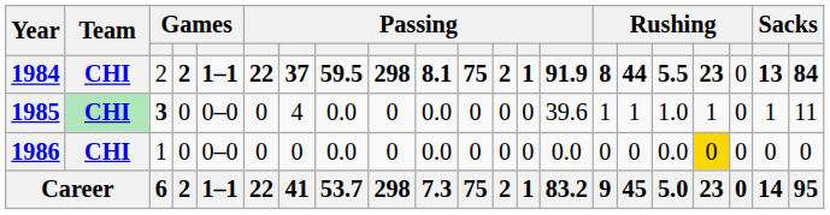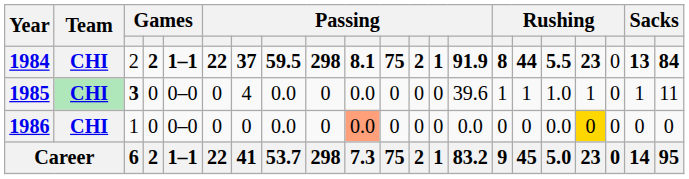 <table class="wikitable" style="text-align:center;">
 <tr>
 <th rowspan="2">Year</th>
 <th rowspan="2">Team</th>
 <th colspan="3">Games</th>
 <th colspan="9">Passing</th>
 <th colspan="5">Rushing</th>
 <th colspan="2">Sacks</th>
 </tr>
 <tr>
 <th></th>
 <th></th>
 <th></th>
 <th></th>
 <th></th>
 <th></th>
 <th></th>
 <th></th>
 <th></th>
 <th></th>
 <th></th>
 <th></th>
 <th></th>
 <th></th>
 <th></th>
 <th></th>
 <th></th>
 <th></th>
 <th></th>
 </tr>
 <tr>
 <th><a href='#'>1984</a></th>
 <th><a href='#'>CHI</a></th>
 <td>2</td>
 <td><strong>2</strong></td>
 <td><strong>1–1</strong></td>
 <td><strong>22</strong></td>
 <td><strong>37</strong></td>
 <td><strong>59.5</strong></td>
 <td><strong>298</strong></td>
 <td><strong>8.1</strong></td>
 <td><strong>75</strong></td>
 <td><strong>2</strong></td>
 <td><strong>1</strong></td>
 <td><strong>91.9</strong></td>
 <td><strong>8</strong></td>
 <td><strong>44</strong></td>
 <td><strong>5.5</strong></td>
 <td><strong>23</strong></td>
 <td>0</td>
 <td><strong>13</strong></td>
 <td><strong>84</strong></td>
 </tr>
 <tr>
 <th><a href='#'>1985</a></th>
 <th style="background:#afe6ba; width:3em;"><a href='#'>CHI</a></th>
 <td><strong>3</strong></td>
 <td>0</td>
 <td>0–0</td>
 <td>0</td>
 <td>4</td>
 <td>0.0</td>
 <td>0</td>
 <td>0.0</td>
 <td>0</td>
 <td>0</td>
 <td>0</td>
 <td>39.6</td>
 <td>1</td>
 <td>1</td>
 <td>1.0</td>
 <td>1</td>
 <td>0</td>
 <td>1</td>
 <td>11</td>
 </tr>
 <tr>
 <th><a href='#'>1986</a></th>
 <th><a href='#'>CHI</a></th>
 <td>1</td>
 <td>0</td>
 <td>0–0</td>
 <td>0</td>
 <td>0</td>
 <td>0.0</td>
 <td>0</td>
-<td>0.0</td>
+<td style="background: lightsalmon;">0.0</td>
 <td>0</td>
 <td>0</td>
 <td>0</td>
 <td>0.0</td>
 <td>0</td>
 <td>0</td>
 <td>0.0</td>
 <td style="background: gold;">0</td>
 <td>0</td>
 <td>0</td>
 <td>0</td>
 </tr>
 <tr>
 <th colspan="2">Career</th>
 <th>6</th>
 <th>2</th>
 <th>1–1</th>
 <th>22</th>
 <th>41</th>
 <th>53.7</th>
 <th>298</th>
 <th>7.3</th>
 <th>75</th>
 <th>2</th>
 <th>1</th>
 <th>83.2</th>
 <th>9</th>
 <th>45</th>
 <th>5.0</th>
 <th>23</th>
 <th>0</th>
 <th>14</th>
 <th>95</th>
 </tr>
 </table>
